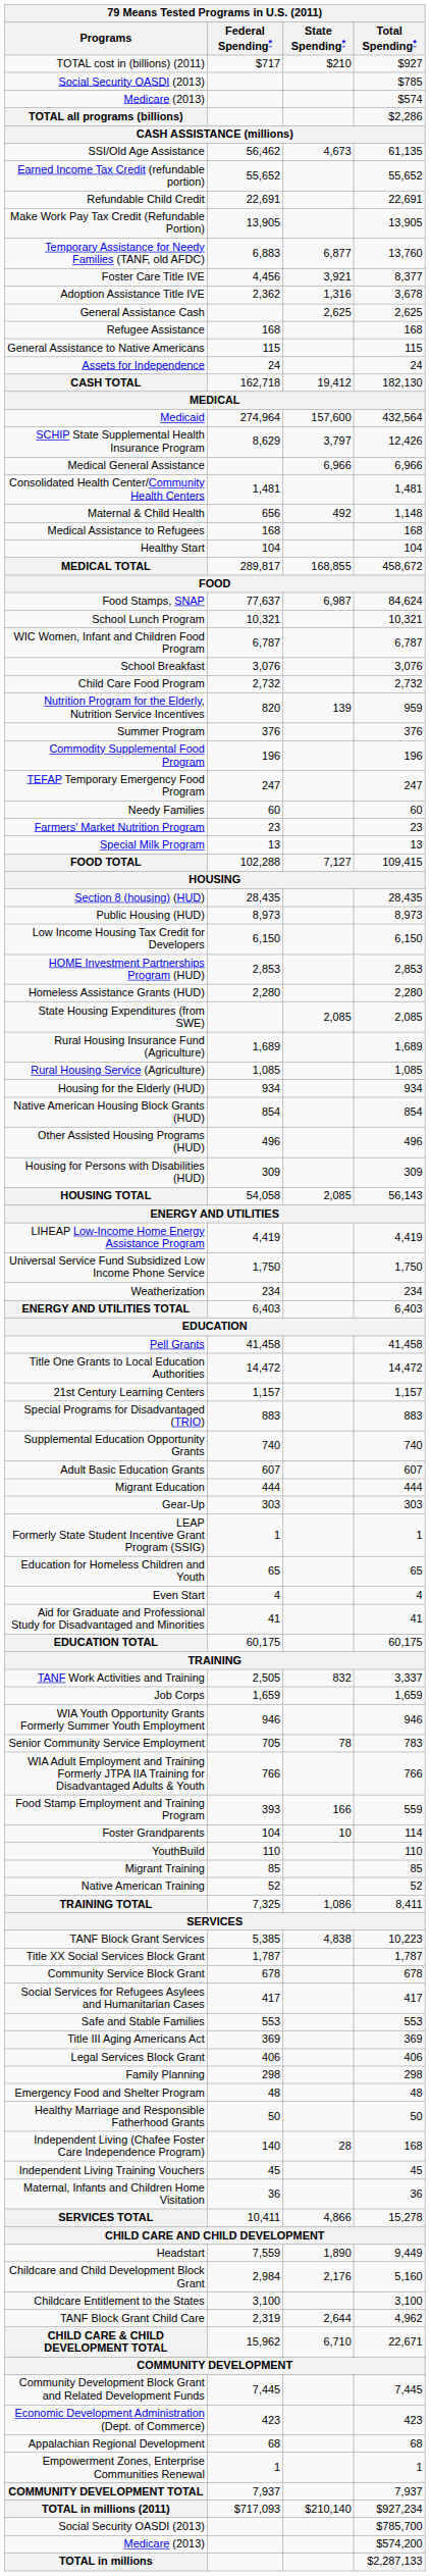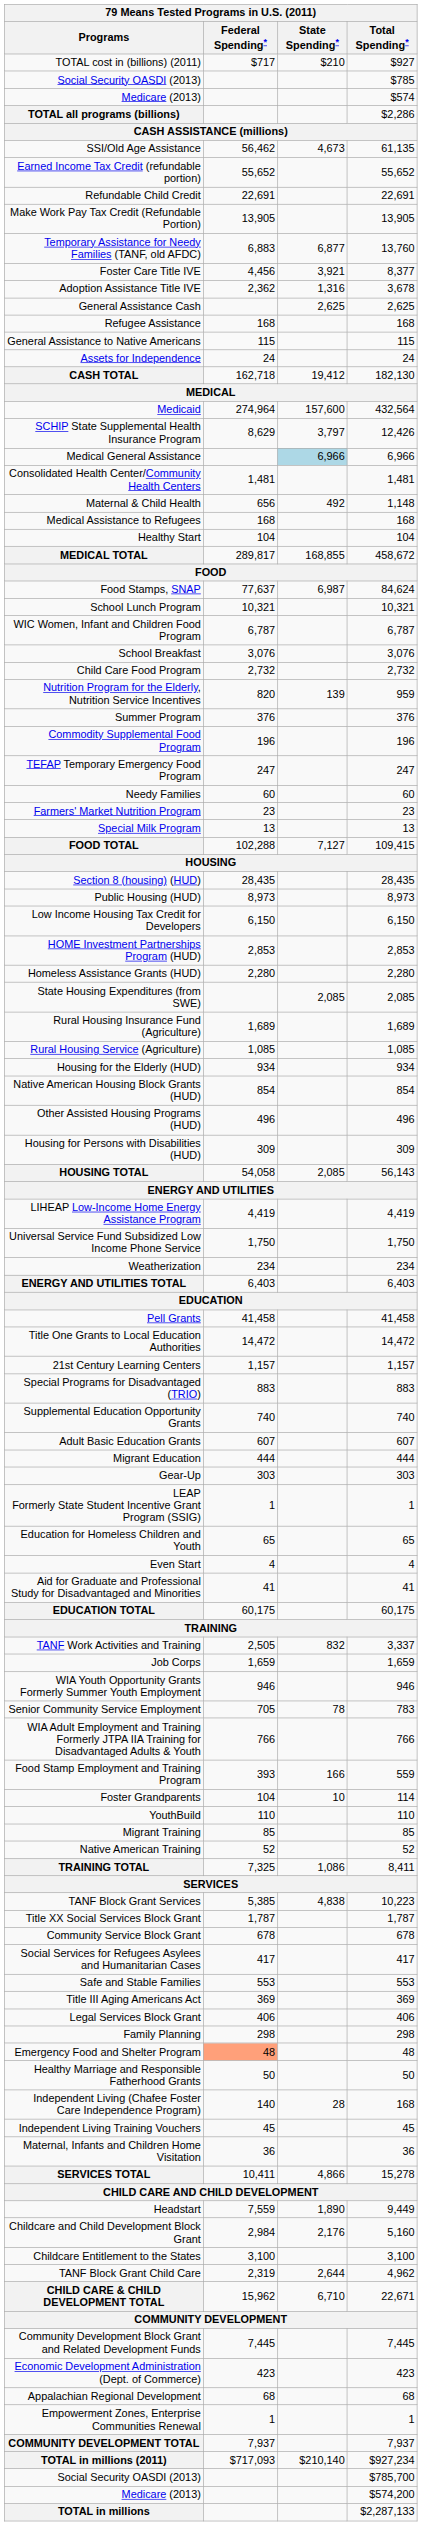 <table class="wikitable collapsible" style="text-align: right">
 <tr>
 <th colspan=4>79 Means Tested Programs in U.S. (2011)</th>
 </tr>
 <tr>
 <th>Programs</th>
 <th>Federal Spending<sup><a href='#'>*</a></sup></th>
 <th>State Spending<sup><a href='#'>*</a></sup></th>
 <th>Total Spending<sup><a href='#'>*</a></sup></th>
 </tr>
 <tr>
 <td>TOTAL cost in (billions) (2011)</td>
 <td>$717</td>
 <td>$210</td>
 <td>$927</td>
 </tr>
 <tr>
 <td><a href='#'>Social Security OASDI</a> (2013)</td>
 <td></td>
 <td></td>
 <td>$785</td>
 </tr>
 <tr>
 <td><a href='#'>Medicare</a> (2013)</td>
 <td></td>
 <td></td>
 <td>$574</td>
 </tr>
 <tr>
 <th>TOTAL all programs (billions)</th>
 <td></td>
 <td></td>
 <td>$2,286</td>
 </tr>
 <tr>
 <th colspan=4>CASH ASSISTANCE (millions)</th>
 </tr>
 <tr>
 <td>SSI/Old Age Assistance</td>
 <td>56,462</td>
 <td>4,673</td>
 <td>61,135</td>
 </tr>
 <tr>
 <td><a href='#'>Earned Income Tax Credit</a> (refundable portion)</td>
 <td>55,652</td>
 <td></td>
 <td>55,652</td>
 </tr>
 <tr>
 <td>Refundable Child Credit</td>
 <td>22,691</td>
 <td></td>
 <td>22,691</td>
 </tr>
 <tr>
 <td>Make Work Pay Tax Credit (Refundable Portion)</td>
 <td>13,905</td>
 <td></td>
 <td>13,905</td>
 </tr>
 <tr>
 <td><a href='#'>Temporary Assistance for Needy Families</a> (TANF, old AFDC)</td>
 <td>6,883</td>
 <td>6,877</td>
 <td>13,760</td>
 </tr>
 <tr>
 <td>Foster Care Title IVE</td>
 <td>4,456</td>
 <td>3,921</td>
 <td>8,377</td>
 </tr>
 <tr>
 <td>Adoption Assistance Title IVE</td>
 <td>2,362</td>
 <td>1,316</td>
 <td>3,678</td>
 </tr>
 <tr>
 <td>General Assistance Cash</td>
 <td></td>
 <td>2,625</td>
 <td>2,625</td>
 </tr>
 <tr>
 <td>Refugee Assistance</td>
 <td>168</td>
 <td></td>
 <td>168</td>
 </tr>
 <tr>
 <td>General Assistance to Native Americans</td>
 <td>115</td>
 <td></td>
 <td>115</td>
 </tr>
 <tr>
 <td><a href='#'>Assets for Independence</a></td>
 <td>24</td>
 <td></td>
 <td>24</td>
 </tr>
 <tr>
 <th>CASH TOTAL</th>
 <td>162,718</td>
 <td>19,412</td>
 <td>182,130</td>
 </tr>
 <tr>
 <th colspan=4>MEDICAL</th>
 </tr>
 <tr>
 <td><a href='#'>Medicaid</a></td>
 <td>274,964</td>
 <td>157,600</td>
 <td>432,564</td>
 </tr>
 <tr>
 <td><a href='#'>SCHIP</a> State Supplemental Health Insurance Program</td>
 <td>8,629</td>
 <td>3,797</td>
 <td>12,426</td>
 </tr>
 <tr>
 <td>Medical General Assistance</td>
 <td></td>
-<td>6,966</td>
+<td style="background: lightblue;">6,966</td>
 <td>6,966</td>
 </tr>
 <tr>
 <td>Consolidated Health Center/<a href='#'>Community Health Centers</a></td>
 <td>1,481</td>
 <td></td>
 <td>1,481</td>
 </tr>
 <tr>
 <td>Maternal & Child Health</td>
 <td>656</td>
 <td>492</td>
 <td>1,148</td>
 </tr>
 <tr>
 <td>Medical Assistance to Refugees</td>
 <td>168</td>
 <td></td>
 <td>168</td>
 </tr>
 <tr>
 <td>Healthy Start</td>
 <td>104</td>
 <td></td>
 <td>104</td>
 </tr>
 <tr>
 <th>MEDICAL TOTAL</th>
 <td>289,817</td>
 <td>168,855</td>
 <td>458,672</td>
 </tr>
 <tr>
 <th colspan=4>FOOD</th>
 </tr>
 <tr>
 <td>Food Stamps, <a href='#'>SNAP</a></td>
 <td>77,637</td>
 <td>6,987</td>
 <td>84,624</td>
 </tr>
 <tr>
 <td>School Lunch Program</td>
 <td>10,321</td>
 <td></td>
 <td>10,321</td>
 </tr>
 <tr>
 <td>WIC Women, Infant and Children Food Program</td>
 <td>6,787</td>
 <td></td>
 <td>6,787</td>
 </tr>
 <tr>
 <td>School Breakfast</td>
 <td>3,076</td>
 <td></td>
 <td>3,076</td>
 </tr>
 <tr>
 <td>Child Care Food Program</td>
 <td>2,732</td>
 <td></td>
 <td>2,732</td>
 </tr>
 <tr>
 <td><a href='#'>Nutrition Program for the Elderly</a>, Nutrition Service Incentives</td>
 <td>820</td>
 <td>139</td>
 <td>959</td>
 </tr>
 <tr>
 <td>Summer Program</td>
 <td>376</td>
 <td></td>
 <td>376</td>
 </tr>
 <tr>
 <td><a href='#'>Commodity Supplemental Food Program</a></td>
 <td>196</td>
 <td></td>
 <td>196</td>
 </tr>
 <tr>
 <td><a href='#'>TEFAP</a> Temporary Emergency Food Program</td>
 <td>247</td>
 <td></td>
 <td>247</td>
 </tr>
 <tr>
 <td>Needy Families</td>
 <td>60</td>
 <td></td>
 <td>60</td>
 </tr>
 <tr>
 <td><a href='#'>Farmers' Market Nutrition Program</a></td>
 <td>23</td>
 <td></td>
 <td>23</td>
 </tr>
 <tr>
 <td><a href='#'>Special Milk Program</a></td>
 <td>13</td>
 <td></td>
 <td>13</td>
 </tr>
 <tr>
 <th>FOOD TOTAL</th>
 <td>102,288</td>
 <td>7,127</td>
 <td>109,415</td>
 </tr>
 <tr>
 <th colspan=4>HOUSING</th>
 </tr>
 <tr>
 <td><a href='#'>Section 8 (housing)</a> (<a href='#'>HUD</a>)</td>
 <td>28,435</td>
 <td></td>
 <td>28,435</td>
 </tr>
 <tr>
 <td>Public Housing (HUD)</td>
 <td>8,973</td>
 <td></td>
 <td>8,973</td>
 </tr>
 <tr>
 <td>Low Income Housing Tax Credit for Developers</td>
 <td>6,150</td>
 <td></td>
 <td>6,150</td>
 </tr>
 <tr>
 <td><a href='#'>HOME Investment Partnerships Program</a> (HUD)</td>
 <td>2,853</td>
 <td></td>
 <td>2,853</td>
 </tr>
 <tr>
 <td>Homeless Assistance Grants (HUD)</td>
 <td>2,280</td>
 <td></td>
 <td>2,280</td>
 </tr>
 <tr>
 <td>State Housing Expenditures (from SWE)</td>
 <td></td>
 <td>2,085</td>
 <td>2,085</td>
 </tr>
 <tr>
 <td>Rural Housing Insurance Fund (Agriculture)</td>
 <td>1,689</td>
 <td></td>
 <td>1,689</td>
 </tr>
 <tr>
 <td><a href='#'>Rural Housing Service</a> (Agriculture)</td>
 <td>1,085</td>
 <td></td>
 <td>1,085</td>
 </tr>
 <tr>
 <td>Housing for the Elderly (HUD)</td>
 <td>934</td>
 <td></td>
 <td>934</td>
 </tr>
 <tr>
 <td>Native American Housing Block Grants (HUD)</td>
 <td>854</td>
 <td></td>
 <td>854</td>
 </tr>
 <tr>
 <td>Other Assisted Housing Programs (HUD)</td>
 <td>496</td>
 <td></td>
 <td>496</td>
 </tr>
 <tr>
 <td>Housing for Persons with Disabilities (HUD)</td>
 <td>309</td>
 <td></td>
 <td>309</td>
 </tr>
 <tr>
 <th>HOUSING TOTAL</th>
 <td>54,058</td>
 <td>2,085</td>
 <td>56,143</td>
 </tr>
 <tr>
 <th colspan=4>ENERGY AND UTILITIES</th>
 </tr>
 <tr>
 <td>LIHEAP <a href='#'>Low-Income Home Energy Assistance Program</a></td>
 <td>4,419</td>
 <td></td>
 <td>4,419</td>
 </tr>
 <tr>
 <td>Universal Service Fund Subsidized Low Income Phone Service</td>
 <td>1,750</td>
 <td></td>
 <td>1,750</td>
 </tr>
 <tr>
 <td>Weatherization</td>
 <td>234</td>
 <td></td>
 <td>234</td>
 </tr>
 <tr>
 <th>ENERGY AND UTILITIES TOTAL</th>
 <td>6,403</td>
 <td></td>
 <td>6,403</td>
 </tr>
 <tr>
 <th colspan=4>EDUCATION</th>
 </tr>
 <tr>
 <td><a href='#'>Pell Grants</a></td>
 <td>41,458</td>
 <td></td>
 <td>41,458</td>
 </tr>
 <tr>
 <td>Title One Grants to Local Education Authorities</td>
 <td>14,472</td>
 <td></td>
 <td>14,472</td>
 </tr>
 <tr>
 <td>21st Century Learning Centers</td>
 <td>1,157</td>
 <td></td>
 <td>1,157</td>
 </tr>
 <tr>
 <td>Special Programs for Disadvantaged (<a href='#'>TRIO</a>)</td>
 <td>883</td>
 <td></td>
 <td>883</td>
 </tr>
 <tr>
 <td>Supplemental Education Opportunity Grants</td>
 <td>740</td>
 <td></td>
 <td>740</td>
 </tr>
 <tr>
 <td>Adult Basic Education Grants</td>
 <td>607</td>
 <td></td>
 <td>607</td>
 </tr>
 <tr>
 <td>Migrant Education</td>
 <td>444</td>
 <td></td>
 <td>444</td>
 </tr>
 <tr>
 <td>Gear-Up</td>
 <td>303</td>
 <td></td>
 <td>303</td>
 </tr>
 <tr>
 <td>LEAP<br>Formerly State Student Incentive Grant Program (SSIG)</td>
 <td>1</td>
 <td></td>
 <td>1</td>
 </tr>
 <tr>
 <td>Education for Homeless Children and Youth</td>
 <td>65</td>
 <td></td>
 <td>65</td>
 </tr>
 <tr>
 <td>Even Start</td>
 <td>4</td>
 <td></td>
 <td>4</td>
 </tr>
 <tr>
 <td>Aid for Graduate and Professional Study for Disadvantaged and Minorities</td>
 <td>41</td>
 <td></td>
 <td>41</td>
 </tr>
 <tr>
 <th>EDUCATION TOTAL</th>
 <td>60,175</td>
 <td></td>
 <td>60,175</td>
 </tr>
 <tr>
 <th colspan=4>TRAINING</th>
 </tr>
 <tr>
 <td><a href='#'>TANF</a> Work Activities and Training</td>
 <td>2,505</td>
 <td>832</td>
 <td>3,337</td>
 </tr>
 <tr>
 <td>Job Corps</td>
 <td>1,659</td>
 <td></td>
 <td>1,659</td>
 </tr>
 <tr>
 <td>WIA Youth Opportunity Grants<br>Formerly Summer Youth Employment</td>
 <td>946</td>
 <td></td>
 <td>946</td>
 </tr>
 <tr>
 <td>Senior Community Service Employment</td>
 <td>705</td>
 <td>78</td>
 <td>783</td>
 </tr>
 <tr>
 <td>WIA Adult Employment and Training<br>Formerly JTPA IIA Training for Disadvantaged Adults & Youth</td>
 <td>766</td>
 <td></td>
 <td>766</td>
 </tr>
 <tr>
 <td>Food Stamp Employment and Training Program</td>
 <td>393</td>
 <td>166</td>
 <td>559</td>
 </tr>
 <tr>
 <td>Foster Grandparents</td>
 <td>104</td>
 <td>10</td>
 <td>114</td>
 </tr>
 <tr>
 <td>YouthBuild</td>
 <td>110</td>
 <td></td>
 <td>110</td>
 </tr>
 <tr>
 <td>Migrant Training</td>
 <td>85</td>
 <td></td>
 <td>85</td>
 </tr>
 <tr>
 <td>Native American Training</td>
 <td>52</td>
 <td></td>
 <td>52</td>
 </tr>
 <tr>
 <th>TRAINING TOTAL</th>
 <td>7,325</td>
 <td>1,086</td>
 <td>8,411</td>
 </tr>
 <tr>
 <th colspan=4>SERVICES</th>
 </tr>
 <tr>
 <td>TANF Block Grant Services</td>
 <td>5,385</td>
 <td>4,838</td>
 <td>10,223</td>
 </tr>
 <tr>
 <td>Title XX Social Services Block Grant</td>
 <td>1,787</td>
 <td></td>
 <td>1,787</td>
 </tr>
 <tr>
 <td>Community Service Block Grant</td>
 <td>678</td>
 <td></td>
 <td>678</td>
 </tr>
 <tr>
 <td>Social Services for Refugees Asylees and Humanitarian Cases</td>
 <td>417</td>
 <td></td>
 <td>417</td>
 </tr>
 <tr>
 <td>Safe and Stable Families</td>
 <td>553</td>
 <td></td>
 <td>553</td>
 </tr>
 <tr>
 <td>Title III Aging Americans Act</td>
 <td>369</td>
 <td></td>
 <td>369</td>
 </tr>
 <tr>
 <td>Legal Services Block Grant</td>
 <td>406</td>
 <td></td>
 <td>406</td>
 </tr>
 <tr>
 <td>Family Planning</td>
 <td>298</td>
 <td></td>
 <td>298</td>
 </tr>
 <tr>
 <td>Emergency Food and Shelter Program</td>
-<td>48</td>
+<td style="background: lightsalmon;">48</td>
 <td></td>
 <td>48</td>
 </tr>
 <tr>
 <td>Healthy Marriage and Responsible Fatherhood Grants</td>
 <td>50</td>
 <td></td>
 <td>50</td>
 </tr>
 <tr>
 <td>Independent Living (Chafee Foster Care Independence Program)</td>
 <td>140</td>
 <td>28</td>
 <td>168</td>
 </tr>
 <tr>
 <td>Independent Living Training Vouchers</td>
 <td>45</td>
 <td></td>
 <td>45</td>
 </tr>
 <tr>
 <td>Maternal, Infants and Children Home Visitation</td>
 <td>36</td>
 <td></td>
 <td>36</td>
 </tr>
 <tr>
 <th>SERVICES TOTAL</th>
 <td>10,411</td>
 <td>4,866</td>
 <td>15,278</td>
 </tr>
 <tr>
 <th colspan=4>CHILD CARE AND CHILD DEVELOPMENT</th>
 </tr>
 <tr>
 <td>Headstart</td>
 <td>7,559</td>
 <td>1,890</td>
 <td>9,449</td>
 </tr>
 <tr>
 <td>Childcare and Child Development Block Grant</td>
 <td>2,984</td>
 <td>2,176</td>
 <td>5,160</td>
 </tr>
 <tr>
 <td>Childcare Entitlement to the States</td>
 <td>3,100</td>
 <td></td>
 <td>3,100</td>
 </tr>
 <tr>
 <td>TANF Block Grant Child Care</td>
 <td>2,319</td>
 <td>2,644</td>
 <td>4,962</td>
 </tr>
 <tr>
 <th>CHILD CARE & CHILD DEVELOPMENT TOTAL</th>
 <td>15,962</td>
 <td>6,710</td>
 <td>22,671</td>
 </tr>
 <tr>
 <th colspan=4>COMMUNITY DEVELOPMENT</th>
 </tr>
 <tr>
 <td>Community Development Block Grant and Related Development Funds</td>
 <td>7,445</td>
 <td></td>
 <td>7,445</td>
 </tr>
 <tr>
 <td><a href='#'>Economic Development Administration</a> (Dept. of Commerce)</td>
 <td>423</td>
 <td></td>
 <td>423</td>
 </tr>
 <tr>
 <td>Appalachian Regional Development</td>
 <td>68</td>
 <td></td>
 <td>68</td>
 </tr>
 <tr>
 <td>Empowerment Zones, Enterprise Communities Renewal</td>
 <td>1</td>
 <td></td>
 <td>1</td>
 </tr>
 <tr>
 <th>COMMUNITY DEVELOPMENT TOTAL</th>
 <td>7,937</td>
 <td></td>
 <td>7,937</td>
 </tr>
 <tr>
 <th>TOTAL in millions (2011)</th>
 <td>$717,093</td>
 <td>$210,140</td>
 <td>$927,234</td>
 </tr>
 <tr>
 <td>Social Security OASDI (2013)</td>
 <td></td>
 <td></td>
 <td>$785,700</td>
 </tr>
 <tr>
 <td><a href='#'>Medicare</a> (2013)</td>
 <td></td>
 <td></td>
 <td>$574,200</td>
 </tr>
 <tr>
 <th>TOTAL in millions</th>
 <td></td>
 <td></td>
 <td>$2,287,133</td>
 </tr>
 </table>
